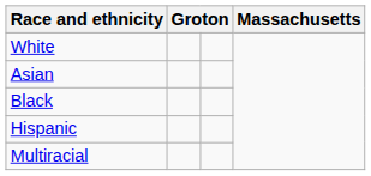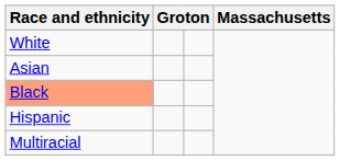 <table class="wikitable sortable collapsible" style="float:right;" ; text-align:right; font-size:80%;">
 <tr>
 <th>Race and ethnicity</th>
 <th colspan="2" data-sort-type="number">Groton</th>
 <th colspan="2" data-sort-type="number">Massachusetts</th>
 </tr>
 <tr>
 <td><a href='#'>White</a></td>
 <td align=right></td>
 <td align=right></td>
 </tr>
 <tr>
 <td><a href='#'>Asian</a></td>
 <td align=right></td>
 <td align=right></td>
 </tr>
 <tr>
-<td><a href='#'>Black</a></td>
+<td style="background: lightsalmon;"><a href='#'>Black</a></td>
 <td align=right></td>
 <td align=right></td>
 </tr>
 <tr>
 <td><a href='#'>Hispanic</a></td>
 <td align=right></td>
 <td align=right></td>
 </tr>
 <tr>
 <td><a href='#'>Multiracial</a></td>
 <td align=right></td>
 <td align=right></td>
 </tr>
 </table>
